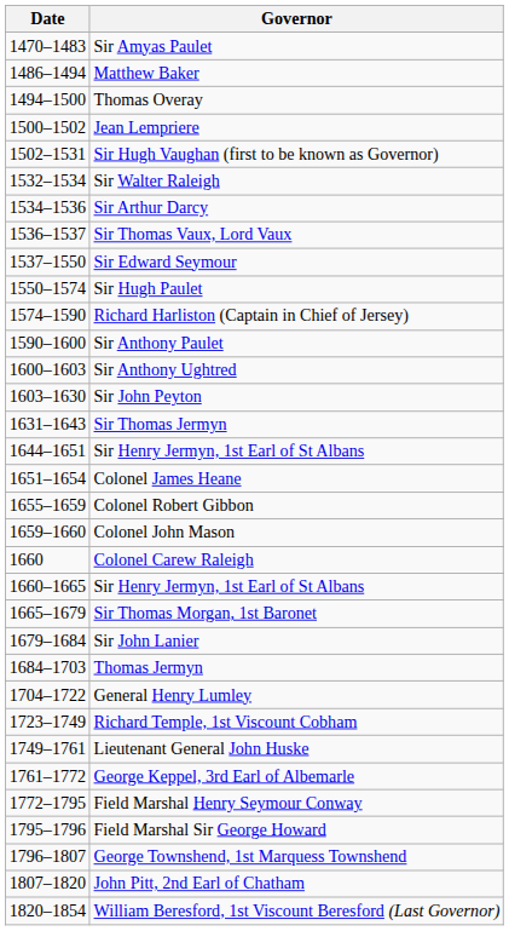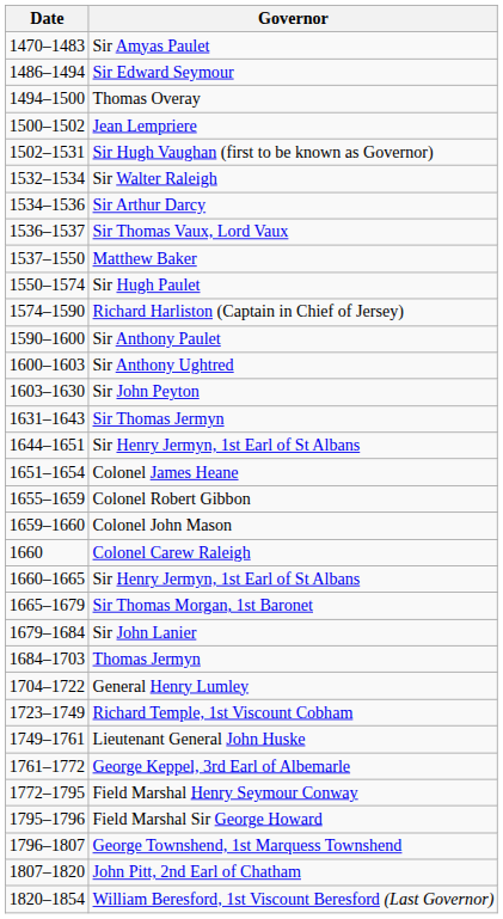 <table class="wikitable">
 <tr>
 <th>Date</th>
 <th>Governor</th>
 </tr>
 <tr>
 <td>1470–1483</td>
 <td>Sir <a href='#'>Amyas Paulet</a></td>
 </tr>
 <tr>
 <td>1486–1494</td>
-<td><a href='#'>Matthew Baker</a></td>
+<td><a href='#'>Sir Edward Seymour</a></td>
 </tr>
 <tr>
 <td>1494–1500</td>
 <td>Thomas Overay</td>
 </tr>
 <tr>
 <td>1500–1502</td>
 <td><a href='#'>Jean Lempriere</a></td>
 </tr>
 <tr>
 <td>1502–1531</td>
 <td><a href='#'>Sir Hugh Vaughan</a> (first to be known as Governor)</td>
 </tr>
 <tr>
 <td>1532–1534</td>
 <td>Sir <a href='#'>Walter Raleigh</a></td>
 </tr>
 <tr>
 <td>1534–1536</td>
 <td><a href='#'>Sir Arthur Darcy</a></td>
 </tr>
 <tr>
 <td>1536–1537</td>
 <td><a href='#'>Sir Thomas Vaux, Lord Vaux</a></td>
 </tr>
 <tr>
 <td>1537–1550</td>
-<td><a href='#'>Sir Edward Seymour</a></td>
+<td><a href='#'>Matthew Baker</a></td>
 </tr>
 <tr>
 <td>1550–1574</td>
 <td>Sir <a href='#'>Hugh Paulet</a></td>
 </tr>
 <tr>
 <td>1574–1590</td>
 <td><a href='#'>Richard Harliston</a> (Captain in Chief of Jersey)</td>
 </tr>
 <tr>
 <td>1590–1600</td>
 <td>Sir <a href='#'>Anthony Paulet</a></td>
 </tr>
 <tr>
 <td>1600–1603</td>
 <td>Sir <a href='#'>Anthony Ughtred</a></td>
 </tr>
 <tr>
 <td>1603–1630</td>
 <td>Sir <a href='#'>John Peyton</a></td>
 </tr>
 <tr>
 <td>1631–1643</td>
 <td><a href='#'>Sir Thomas Jermyn</a></td>
 </tr>
 <tr>
 <td>1644–1651</td>
 <td>Sir <a href='#'>Henry Jermyn, 1st Earl of St Albans</a></td>
 </tr>
 <tr>
 <td>1651–1654</td>
 <td>Colonel <a href='#'>James Heane</a></td>
 </tr>
 <tr>
 <td>1655–1659</td>
 <td>Colonel Robert Gibbon</td>
 </tr>
 <tr>
 <td>1659–1660</td>
 <td>Colonel John Mason</td>
 </tr>
 <tr>
 <td>1660</td>
 <td><a href='#'>Colonel Carew Raleigh</a></td>
 </tr>
 <tr>
 <td>1660–1665</td>
 <td>Sir <a href='#'>Henry Jermyn, 1st Earl of St Albans</a></td>
 </tr>
 <tr>
 <td>1665–1679</td>
 <td><a href='#'>Sir Thomas Morgan, 1st Baronet</a></td>
 </tr>
 <tr>
 <td>1679–1684</td>
 <td>Sir <a href='#'>John Lanier</a></td>
 </tr>
 <tr>
 <td>1684–1703</td>
 <td><a href='#'>Thomas Jermyn</a></td>
 </tr>
 <tr>
 <td>1704–1722</td>
 <td>General <a href='#'>Henry Lumley</a></td>
 </tr>
 <tr>
 <td>1723–1749</td>
 <td><a href='#'>Richard Temple, 1st Viscount Cobham</a></td>
 </tr>
 <tr>
 <td>1749–1761</td>
 <td>Lieutenant General <a href='#'>John Huske</a></td>
 </tr>
 <tr>
 <td>1761–1772</td>
 <td><a href='#'>George Keppel, 3rd Earl of Albemarle</a></td>
 </tr>
 <tr>
 <td>1772–1795</td>
 <td>Field Marshal <a href='#'>Henry Seymour Conway</a></td>
 </tr>
 <tr>
 <td>1795–1796</td>
 <td>Field Marshal Sir <a href='#'>George Howard</a></td>
 </tr>
 <tr>
 <td>1796–1807</td>
 <td><a href='#'>George Townshend, 1st Marquess Townshend</a></td>
 </tr>
 <tr>
 <td>1807–1820</td>
 <td><a href='#'>John Pitt, 2nd Earl of Chatham</a></td>
 </tr>
 <tr>
 <td>1820–1854</td>
 <td><a href='#'>William Beresford, 1st Viscount Beresford</a> <em>(Last Governor)</em></td>
 </tr>
 </table>
